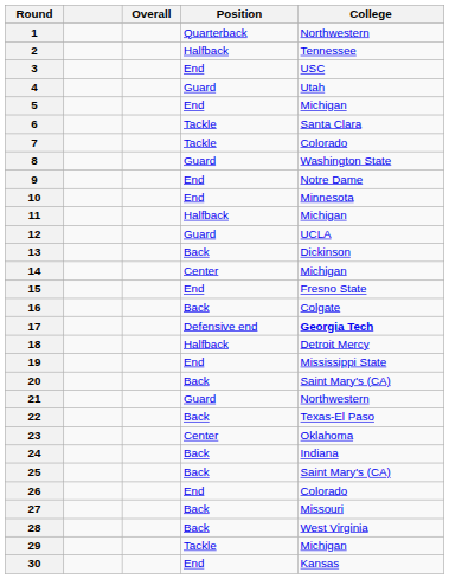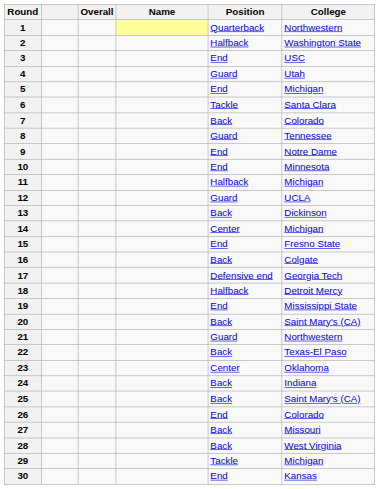 <table class="wikitable sortable">
 <tr>
 <th scope="col" style="width: 10%;">Round</th>
 <th scope="col" style="width: 10%;"></th>
 <th scope="col" style="width: 10%;">Overall</th>
+<th scope="col" style="width: 25%;">Name</th>
 <th scope="col" style="width: 20%;">Position</th>
 <th scope="col" style="width: 25%;">College</th>
 </tr>
 <tr>
 <th scope="row">1</th>
 <td></td>
 <td></td>
+<td style="background-color: #FFFF99;"> </td>
 <td><a href='#'>Quarterback</a></td>
 <td><a href='#'>Northwestern</a></td>
 </tr>
 <tr>
 <th scope="row">2</th>
 <td></td>
 <td></td>
+<td></td>
 <td><a href='#'>Halfback</a></td>
-<td><a href='#'>Tennessee</a></td>
+<td><a href='#'>Washington State</a></td>
 </tr>
 <tr>
 <th scope="row">3</th>
+<td></td>
 <td></td>
 <td></td>
 <td><a href='#'>End</a></td>
 <td><a href='#'>USC</a></td>
 </tr>
 <tr>
 <th scope="row">4</th>
 <td></td>
 <td></td>
+<td></td>
 <td><a href='#'>Guard</a></td>
 <td><a href='#'>Utah</a></td>
 </tr>
 <tr>
 <th scope="row">5</th>
+<td></td>
 <td></td>
 <td></td>
 <td><a href='#'>End</a></td>
 <td><a href='#'>Michigan</a></td>
 </tr>
 <tr>
 <th scope="row">6</th>
 <td></td>
 <td></td>
+<td></td>
 <td><a href='#'>Tackle</a></td>
 <td><a href='#'>Santa Clara</a></td>
 </tr>
 <tr>
 <th scope="row">7</th>
 <td></td>
 <td></td>
-<td><a href='#'>Tackle</a></td>
+<td></td>
+<td><a href='#'>Back</a></td>
 <td><a href='#'>Colorado</a></td>
 </tr>
 <tr>
 <th scope="row">8</th>
 <td></td>
 <td></td>
+<td></td>
 <td><a href='#'>Guard</a></td>
-<td><a href='#'>Washington State</a></td>
+<td><a href='#'>Tennessee</a></td>
 </tr>
 <tr>
 <th scope="row">9</th>
+<td></td>
 <td></td>
 <td></td>
 <td><a href='#'>End</a></td>
 <td><a href='#'>Notre Dame</a></td>
 </tr>
 <tr>
 <th scope="row">10</th>
 <td></td>
 <td></td>
+<td></td>
 <td><a href='#'>End</a></td>
 <td><a href='#'>Minnesota</a></td>
 </tr>
 <tr>
 <th scope="row">11</th>
+<td></td>
 <td></td>
 <td></td>
 <td><a href='#'>Halfback</a></td>
 <td><a href='#'>Michigan</a></td>
 </tr>
 <tr>
 <th scope="row">12</th>
 <td></td>
 <td></td>
+<td></td>
 <td><a href='#'>Guard</a></td>
 <td><a href='#'>UCLA</a></td>
 </tr>
 <tr>
 <th scope="row">13</th>
+<td></td>
 <td></td>
 <td></td>
 <td><a href='#'>Back</a></td>
 <td><a href='#'>Dickinson</a></td>
 </tr>
 <tr>
 <th scope="row">14</th>
 <td></td>
 <td></td>
+<td></td>
 <td><a href='#'>Center</a></td>
 <td><a href='#'>Michigan</a></td>
 </tr>
 <tr>
 <th scope="row">15</th>
+<td></td>
 <td></td>
 <td></td>
 <td><a href='#'>End</a></td>
 <td><a href='#'>Fresno State</a></td>
 </tr>
 <tr>
 <th scope="row">16</th>
 <td></td>
 <td></td>
+<td></td>
 <td><a href='#'>Back</a></td>
 <td><a href='#'>Colgate</a></td>
 </tr>
 <tr>
 <th scope="row">17</th>
 <td></td>
 <td></td>
+<td></td>
 <td><a href='#'>Defensive end</a></td>
-<td><strong><a href='#'>Georgia Tech</a></strong></td>
+<td><a href='#'>Georgia Tech</a></td>
 </tr>
 <tr>
 <th scope="row">18</th>
+<td></td>
 <td></td>
 <td></td>
 <td><a href='#'>Halfback</a></td>
 <td><a href='#'>Detroit Mercy</a></td>
 </tr>
 <tr>
 <th scope="row">19</th>
 <td></td>
 <td></td>
+<td></td>
 <td><a href='#'>End</a></td>
 <td><a href='#'>Mississippi State</a></td>
 </tr>
 <tr>
 <th scope="row">20</th>
+<td></td>
 <td></td>
 <td></td>
 <td><a href='#'>Back</a></td>
 <td><a href='#'>Saint Mary's (CA)</a></td>
 </tr>
 <tr>
 <th scope="row">21</th>
 <td></td>
 <td></td>
+<td></td>
 <td><a href='#'>Guard</a></td>
 <td><a href='#'>Northwestern</a></td>
 </tr>
 <tr>
 <th scope="row">22</th>
+<td></td>
 <td></td>
 <td></td>
 <td><a href='#'>Back</a></td>
 <td><a href='#'>Texas-El Paso</a></td>
 </tr>
 <tr>
 <th scope="row">23</th>
 <td></td>
 <td></td>
+<td></td>
 <td><a href='#'>Center</a></td>
 <td><a href='#'>Oklahoma</a></td>
 </tr>
 <tr>
 <th scope="row">24</th>
+<td></td>
 <td></td>
 <td></td>
 <td><a href='#'>Back</a></td>
 <td><a href='#'>Indiana</a></td>
 </tr>
 <tr>
 <th scope="row">25</th>
 <td></td>
 <td></td>
+<td></td>
 <td><a href='#'>Back</a></td>
 <td><a href='#'>Saint Mary's (CA)</a></td>
 </tr>
 <tr>
 <th scope="row">26</th>
+<td></td>
 <td></td>
 <td></td>
 <td><a href='#'>End</a></td>
 <td><a href='#'>Colorado</a></td>
 </tr>
 <tr>
 <th scope="row">27</th>
 <td></td>
 <td></td>
+<td></td>
 <td><a href='#'>Back</a></td>
 <td><a href='#'>Missouri</a></td>
 </tr>
 <tr>
 <th scope="row">28</th>
+<td></td>
 <td></td>
 <td></td>
 <td><a href='#'>Back</a></td>
 <td><a href='#'>West Virginia</a></td>
 </tr>
 <tr>
 <th scope="row">29</th>
 <td></td>
 <td></td>
+<td></td>
 <td><a href='#'>Tackle</a></td>
 <td><a href='#'>Michigan</a></td>
 </tr>
 <tr>
 <th scope="row">30</th>
 <td></td>
 <td></td>
+<td></td>
 <td><a href='#'>End</a></td>
 <td><a href='#'>Kansas</a></td>
 </tr>
 </table>
